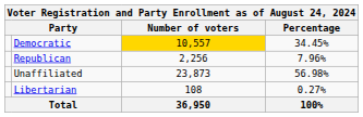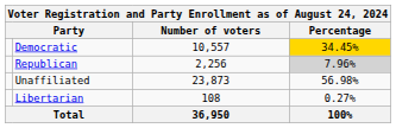 <table class=wikitable>
 <tr>
 <th colspan = 6>Voter Registration and Party Enrollment as of August 24, 2024</th>
 </tr>
 <tr>
 <th colspan = 2>Party</th>
 <th>Number of voters</th>
 <th>Percentage</th>
 </tr>
 <tr>
 <td></td>
 <td><a href='#'>Democratic</a></td>
-<td style="background: gold; text-align:center;">10,557</td>
-<td style="text-align:center;">34.45%</td>
+<td style="text-align:center;">10,557</td>
+<td style="background: gold; text-align:center;">34.45%</td>
 </tr>
 <tr>
 <td></td>
 <td><a href='#'>Republican</a></td>
 <td style="text-align:center;">2,256</td>
-<td style="text-align:center;">7.96%</td>
+<td style="background: lightgrey; text-align:center;">7.96%</td>
 </tr>
 <tr>
 <td></td>
 <td>Unaffiliated</td>
 <td style="text-align:center;">23,873</td>
 <td style="text-align:center;">56.98%</td>
 </tr>
 <tr>
 <td></td>
 <td><a href='#'>Libertarian</a></td>
 <td style="text-align:center;">108</td>
 <td style="text-align:center;">0.27%</td>
 </tr>
 <tr>
 <th colspan = 2>Total</th>
 <th style="text-align:center;">36,950</th>
 <th style="text-align:center;">100%</th>
 </tr>
 </table>
